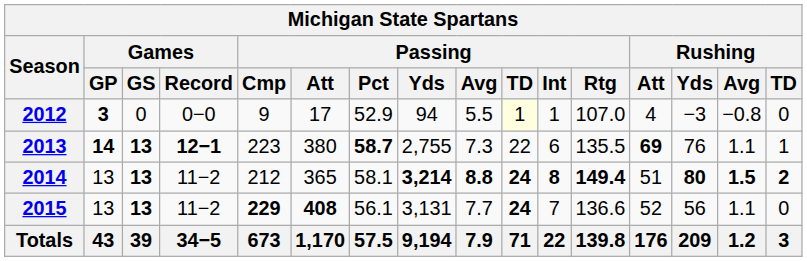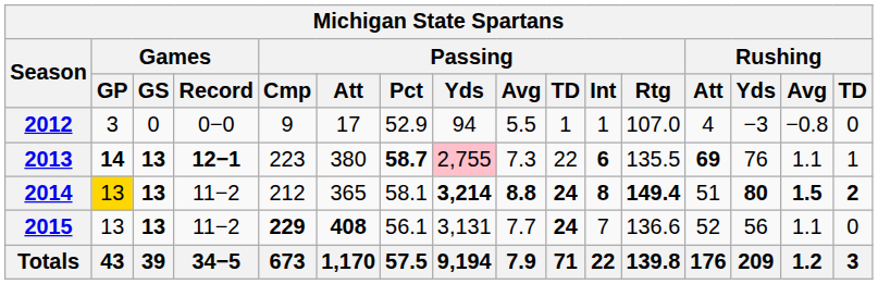 <table class="wikitable" style="text-align:center;">
 <tr>
 <th colspan="16">Michigan State Spartans</th>
 </tr>
 <tr>
 <th rowspan="2">Season</th>
 <th colspan="3">Games</th>
 <th colspan="8">Passing</th>
 <th colspan="5">Rushing</th>
 </tr>
 <tr>
 <th>GP</th>
 <th>GS</th>
 <th>Record</th>
 <th>Cmp</th>
 <th>Att</th>
 <th>Pct</th>
 <th>Yds</th>
 <th>Avg</th>
 <th>TD</th>
 <th>Int</th>
 <th>Rtg</th>
 <th>Att</th>
 <th>Yds</th>
 <th>Avg</th>
 <th>TD</th>
 </tr>
 <tr>
 <th><a href='#'>2012</a></th>
-<td><strong>3</strong></td>
+<td>3</td>
 <td>0</td>
 <td>0−0</td>
 <td>9</td>
 <td>17</td>
 <td>52.9</td>
 <td>94</td>
 <td>5.5</td>
-<td style="background: lightyellow;">1</td>
+<td>1</td>
 <td>1</td>
 <td>107.0</td>
 <td>4</td>
 <td>−3</td>
 <td>−0.8</td>
 <td>0</td>
 </tr>
 <tr>
 <th><a href='#'>2013</a></th>
 <td><strong>14</strong></td>
 <td><strong>13</strong></td>
 <td><strong>12−1</strong></td>
 <td>223</td>
 <td>380</td>
 <td><strong>58.7</strong></td>
-<td>2,755</td>
+<td style="background: pink;">2,755</td>
 <td>7.3</td>
 <td>22</td>
-<td>6</td>
+<td><strong>6</strong></td>
 <td>135.5</td>
 <td><strong>69</strong></td>
 <td>76</td>
 <td>1.1</td>
 <td>1</td>
 </tr>
 <tr>
 <th><a href='#'>2014</a></th>
-<td>13</td>
+<td style="background: gold;">13</td>
 <td><strong>13</strong></td>
 <td>11−2</td>
 <td>212</td>
 <td>365</td>
 <td>58.1</td>
 <td><strong>3,214</strong></td>
 <td><strong>8.8</strong></td>
 <td><strong>24</strong></td>
 <td><strong>8</strong></td>
 <td><strong>149.4</strong></td>
 <td>51</td>
 <td><strong>80</strong></td>
 <td><strong>1.5</strong></td>
 <td><strong>2</strong></td>
 </tr>
 <tr>
 <th><a href='#'>2015</a></th>
 <td>13</td>
 <td><strong>13</strong></td>
 <td>11−2</td>
 <td><strong>229</strong></td>
 <td><strong>408</strong></td>
 <td>56.1</td>
 <td>3,131</td>
 <td>7.7</td>
 <td><strong>24</strong></td>
 <td>7</td>
 <td>136.6</td>
 <td>52</td>
 <td>56</td>
 <td>1.1</td>
 <td>0</td>
 </tr>
 <tr>
 <th>Totals</th>
 <th>43</th>
 <th>39</th>
 <th>34−5</th>
 <th>673</th>
 <th>1,170</th>
 <th>57.5</th>
 <th>9,194</th>
 <th>7.9</th>
 <th>71</th>
 <th>22</th>
 <th>139.8</th>
 <th>176</th>
 <th>209</th>
 <th>1.2</th>
 <th>3</th>
 </tr>
 </table>
